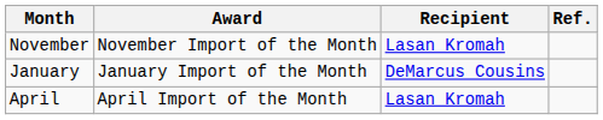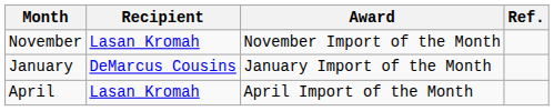 <table class="wikitable">
 <tr>
 <th>Month</th>
+<th>Recipient</th>
 <th>Award</th>
-<th>Recipient</th>
 <th>Ref.</th>
 </tr>
 <tr>
 <td>November</td>
+<td><a href='#'>Lasan Kromah</a></td>
 <td>November Import of the Month</td>
-<td><a href='#'>Lasan Kromah</a></td>
 <td></td>
 </tr>
 <tr>
 <td>January</td>
+<td><a href='#'>DeMarcus Cousins</a></td>
 <td>January Import of the Month</td>
-<td><a href='#'>DeMarcus Cousins</a></td>
 <td></td>
 </tr>
 <tr>
 <td>April</td>
+<td><a href='#'>Lasan Kromah</a></td>
 <td>April Import of the Month</td>
-<td><a href='#'>Lasan Kromah</a></td>
 <td></td>
 </tr>
 </table>
